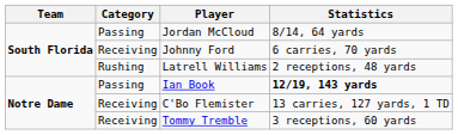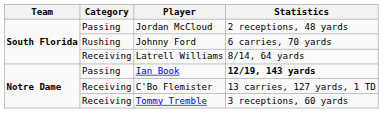 <table class="wikitable" style="float: left;">
 <tr>
 <th>Team</th>
 <th>Category</th>
 <th>Player</th>
 <th>Statistics</th>
 </tr>
 <tr>
 <td rowspan=3><strong>South Florida</strong></td>
 <td>Passing</td>
 <td>Jordan McCloud</td>
-<td>8/14, 64 yards</td>
+<td>2 receptions, 48 yards</td>
 </tr>
 <tr>
-<td>Receiving</td>
+<td>Rushing</td>
 <td>Johnny Ford</td>
 <td>6 carries, 70 yards</td>
 </tr>
 <tr>
-<td>Rushing</td>
+<td>Receiving</td>
 <td>Latrell Williams</td>
-<td>2 receptions, 48 yards</td>
+<td>8/14, 64 yards</td>
 </tr>
 <tr>
 <td rowspan=3><strong>Notre Dame</strong></td>
 <td>Passing</td>
 <td><a href='#'>Ian Book</a></td>
 <td><strong>12/19, 143 yards</strong></td>
 </tr>
 <tr>
 <td>Receiving</td>
 <td>C'Bo Flemister</td>
 <td>13 carries, 127 yards, 1 TD</td>
 </tr>
 <tr>
 <td>Receiving</td>
 <td><a href='#'>Tommy Tremble</a></td>
 <td>3 receptions, 60 yards</td>
 </tr>
 </table>
